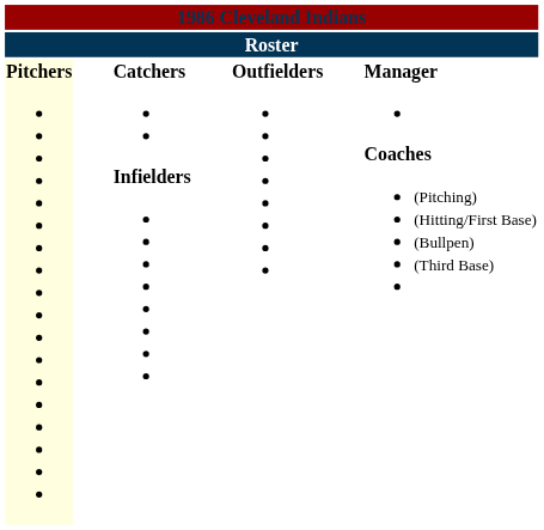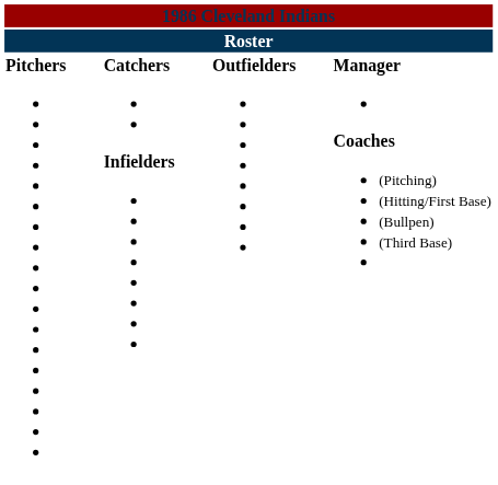 <table class="toccolours" style="font-size: 95%;">
 <tr>
 <th colspan="10" style="background-color: #990000; color: #023456; text-align: center;">1986 Cleveland Indians</th>
 </tr>
 <tr>
 <td colspan="10" style="background-color: #023456; color: #FFFFFF; text-align: center;"><strong>Roster</strong></td>
 </tr>
 <tr>
-<td valign="top" style="background: lightyellow;"><strong>Pitchers</strong><br><ul><li></li><li></li><li></li><li></li><li></li><li></li><li></li><li></li><li></li><li></li><li></li><li></li><li></li><li></li><li></li><li></li><li></li><li></li></ul></td>
+<td valign="top"><strong>Pitchers</strong><br><ul><li></li><li></li><li></li><li></li><li></li><li></li><li></li><li></li><li></li><li></li><li></li><li></li><li></li><li></li><li></li><li></li><li></li><li></li></ul></td>
 <td width="25px"></td>
 <td valign="top"><strong>Catchers</strong><br><ul><li></li><li></li></ul><strong>Infielders</strong><ul><li></li><li></li><li></li><li></li><li></li><li></li><li></li><li></li></ul></td>
 <td width="25px"></td>
 <td valign="top"><strong>Outfielders</strong><br><ul><li></li><li></li><li></li><li></li><li></li><li></li><li></li><li></li></ul></td>
 <td width="25px"></td>
 <td valign="top"><strong>Manager</strong><br><ul><li></li></ul><strong>Coaches</strong><ul><li> <small>(Pitching)</small></li><li> <small>(Hitting/First Base)</small></li><li> <small>(Bullpen)</small></li><li> <small>(Third Base)</small></li><li></li></ul></td>
 </tr>
 </table>
